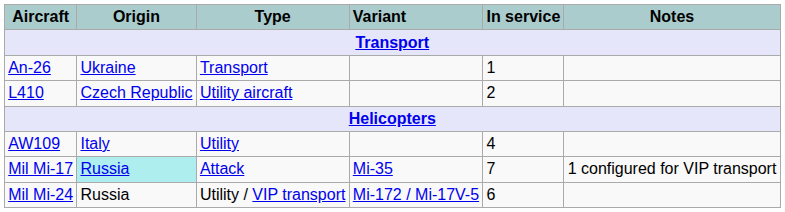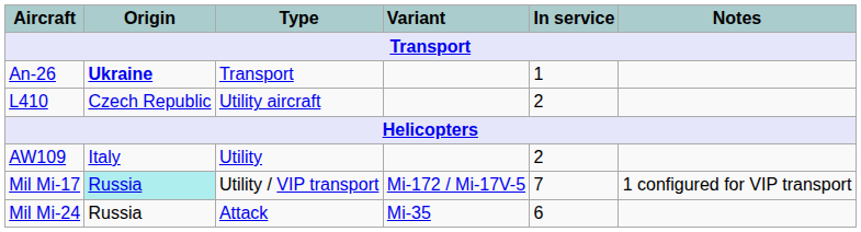 <table class="wikitable">
 <tr>
 <th style="text-align:center; background:#acc;">Aircraft</th>
 <th style="text-align: center; background:#acc;">Origin</th>
 <th style="text-align:l center; background:#acc;">Type</th>
 <th style="text-align:left; background:#acc;">Variant</th>
 <th style="text-align:center; background:#acc;">In service</th>
 <th style="text-align: center; background:#acc;">Notes</th>
 </tr>
 <tr>
 <th colspan="7" style="align: center; background: lavender;"><a href='#'>Transport</a></th>
 </tr>
 <tr>
 <td><a href='#'>An-26</a></td>
-<td><a href='#'>Ukraine</a></td>
+<td><strong><a href='#'>Ukraine</a></strong></td>
 <td><a href='#'>Transport</a></td>
 <td></td>
 <td>1</td>
 <td></td>
 </tr>
 <tr>
 <td><a href='#'>L410</a></td>
 <td><a href='#'>Czech Republic</a></td>
 <td><a href='#'>Utility aircraft</a></td>
 <td></td>
 <td>2</td>
 <td></td>
 </tr>
 <tr>
 <th style="align: center; background: lavender;" colspan="7"><a href='#'>Helicopters</a></th>
 </tr>
 <tr>
 <td><a href='#'>AW109</a></td>
 <td><a href='#'>Italy</a></td>
 <td><a href='#'>Utility</a></td>
 <td></td>
-<td>4</td>
+<td>2</td>
 <td></td>
 </tr>
 <tr>
 <td><a href='#'>Mil Mi-17</a></td>
 <td style="background: paleturquoise;"><a href='#'>Russia</a></td>
-<td><a href='#'>Attack</a></td>
-<td><a href='#'>Mi-35</a></td>
+<td>Utility / <a href='#'>VIP transport</a></td>
+<td><a href='#'>Mi-172 / Mi-17V-5</a></td>
 <td>7</td>
 <td>1 configured for VIP transport</td>
 </tr>
 <tr>
 <td><a href='#'>Mil Mi-24</a></td>
 <td>Russia</td>
-<td>Utility / <a href='#'>VIP transport</a></td>
-<td><a href='#'>Mi-172 / Mi-17V-5</a></td>
+<td><a href='#'>Attack</a></td>
+<td><a href='#'>Mi-35</a></td>
 <td>6</td>
 <td></td>
 </tr>
 </table>
